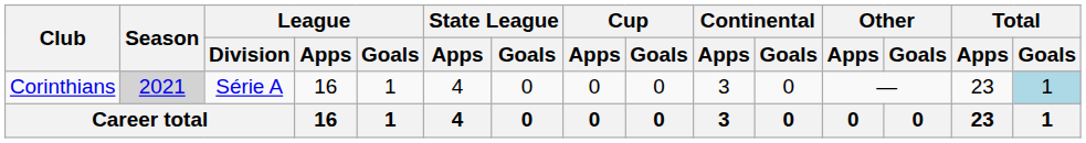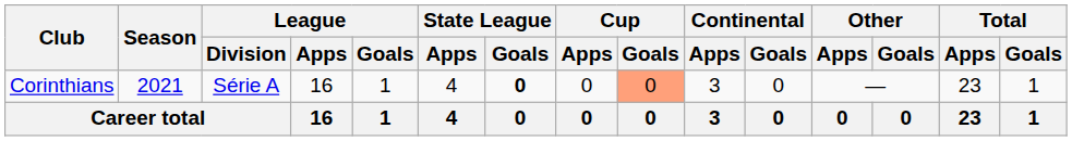 <table class="wikitable" style="text-align: center">
 <tr>
 <th rowspan="2">Club</th>
 <th rowspan="2">Season</th>
 <th colspan="3">League</th>
 <th colspan="2">State League</th>
 <th colspan="2">Cup</th>
 <th colspan="2">Continental</th>
 <th colspan="2">Other</th>
 <th colspan="2">Total</th>
 </tr>
 <tr>
 <th>Division</th>
 <th>Apps</th>
 <th>Goals</th>
 <th>Apps</th>
 <th>Goals</th>
 <th>Apps</th>
 <th>Goals</th>
 <th>Apps</th>
 <th>Goals</th>
 <th>Apps</th>
 <th>Goals</th>
 <th>Apps</th>
 <th>Goals</th>
 </tr>
 <tr>
 <td><a href='#'>Corinthians</a></td>
-<td style="background: lightgrey;"><a href='#'>2021</a></td>
+<td><a href='#'>2021</a></td>
 <td><a href='#'>Série A</a></td>
 <td>16</td>
 <td>1</td>
 <td>4</td>
+<td><strong>0</strong></td>
 <td>0</td>
-<td>0</td>
-<td>0</td>
+<td style="background: lightsalmon;">0</td>
 <td>3</td>
 <td>0</td>
 <td colspan="2">—</td>
 <td>23</td>
-<td style="background: lightblue;">1</td>
+<td>1</td>
 </tr>
 <tr>
 <th colspan="3"><strong>Career total</strong></th>
 <th>16</th>
 <th>1</th>
 <th>4</th>
 <th>0</th>
 <th>0</th>
 <th>0</th>
 <th>3</th>
 <th>0</th>
 <th>0</th>
 <th>0</th>
 <th>23</th>
 <th>1</th>
 </tr>
 </table>
